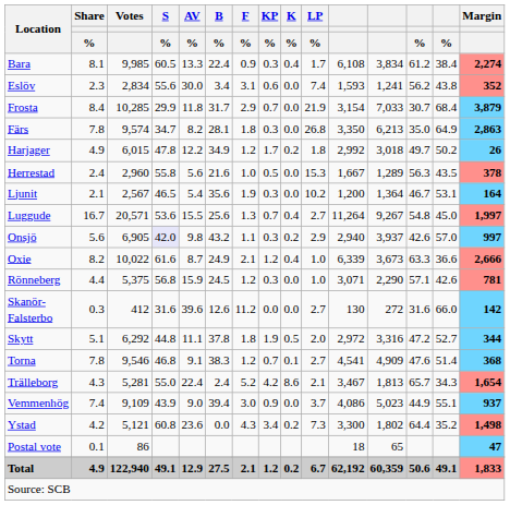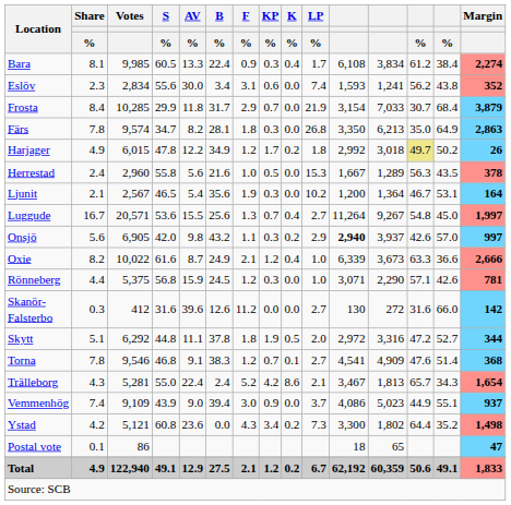 <table class="wikitable sortable" style="text-align:right; font-size:95%; line-height:20px;">
 <tr>
 <th rowspan="3">Location</th>
 <th>Share</th>
 <th>Votes</th>
 <th width="30px" class="unsortable"><a href='#'>S</a></th>
 <th width="30px" class="unsortable"><a href='#'>AV</a></th>
 <th width="30px" class="unsortable"><a href='#'>B</a></th>
 <th width="30px" class="unsortable"><a href='#'>F</a></th>
 <th width="30px" class="unsortable"><a href='#'>KP</a></th>
 <th width="30px" class="unsortable"><a href='#'>K</a></th>
 <th width="30px" class="unsortable"><a href='#'>LP</a></th>
 <th></th>
 <th></th>
 <th></th>
 <th></th>
 <th>Margin</th>
 </tr>
 <tr>
 <th></th>
 <th></th>
 <th style="background:"></th>
 <th style="background:"></th>
 <th style="background:"></th>
 <th style="background:"></th>
 <th style="background:"></th>
 <th style="background:"></th>
 <th style="background:"></th>
 <th style="background:"></th>
 <th style="background:"></th>
 <th style="background:"></th>
 <th style="background:"></th>
 <th></th>
 </tr>
 <tr>
 <th data-sort-type="number">%</th>
 <th></th>
 <th data-sort-type="number">%</th>
 <th data-sort-type="number">%</th>
 <th data-sort-type="number">%</th>
 <th data-sort-type="number">%</th>
 <th data-sort-type="number">%</th>
 <th data-sort-type="number">%</th>
 <th data-sort-type="number">%</th>
 <th></th>
 <th></th>
 <th data-sort-type="number">%</th>
 <th data-sort-type="number">%</th>
 <th></th>
 </tr>
 <tr>
 <td align=left><a href='#'>Bara</a></td>
 <td>8.1</td>
 <td>9,985</td>
 <td>60.5</td>
 <td>13.3</td>
 <td>22.4</td>
 <td>0.9</td>
 <td>0.3</td>
 <td>0.4</td>
 <td>1.7</td>
 <td>6,108</td>
 <td>3,834</td>
 <td>61.2</td>
 <td>38.4</td>
 <td bgcolor=#ff908c><strong>2,274</strong></td>
 </tr>
 <tr>
 <td align=left><a href='#'>Eslöv</a></td>
 <td>2.3</td>
 <td>2,834</td>
 <td>55.6</td>
 <td>30.0</td>
 <td>3.4</td>
 <td>3.1</td>
 <td>0.6</td>
 <td>0.0</td>
 <td>7.4</td>
 <td>1,593</td>
 <td>1,241</td>
 <td>56.2</td>
 <td>43.8</td>
 <td bgcolor=#ff908c><strong>352</strong></td>
 </tr>
 <tr>
 <td align=left><a href='#'>Frosta</a></td>
 <td>8.4</td>
 <td>10,285</td>
 <td>29.9</td>
 <td>11.8</td>
 <td>31.7</td>
 <td>2.9</td>
 <td>0.7</td>
 <td>0.0</td>
 <td>21.9</td>
 <td>3,154</td>
 <td>7,033</td>
 <td>30.7</td>
 <td>68.4</td>
 <td bgcolor=#6fd5fe><strong>3,879</strong></td>
 </tr>
 <tr>
 <td align=left><a href='#'>Färs</a></td>
 <td>7.8</td>
 <td>9,574</td>
 <td>34.7</td>
 <td>8.2</td>
 <td>28.1</td>
 <td>1.8</td>
 <td>0.3</td>
 <td>0.0</td>
 <td>26.8</td>
 <td>3,350</td>
 <td>6,213</td>
 <td>35.0</td>
 <td>64.9</td>
 <td bgcolor=#6fd5fe><strong>2,863</strong></td>
 </tr>
 <tr>
 <td align=left><a href='#'>Harjager</a></td>
 <td>4.9</td>
 <td>6,015</td>
 <td>47.8</td>
 <td>12.2</td>
 <td>34.9</td>
 <td>1.2</td>
 <td>1.7</td>
 <td>0.2</td>
 <td>1.8</td>
 <td>2,992</td>
 <td>3,018</td>
-<td>49.7</td>
+<td style="background: khaki;">49.7</td>
 <td>50.2</td>
 <td bgcolor=#6fd5fe><strong>26</strong></td>
 </tr>
 <tr>
 <td align=left><a href='#'>Herrestad</a></td>
 <td>2.4</td>
 <td>2,960</td>
 <td>55.8</td>
 <td>5.6</td>
 <td>21.6</td>
 <td>1.0</td>
 <td>0.5</td>
 <td>0.0</td>
 <td>15.3</td>
 <td>1,667</td>
 <td>1,289</td>
 <td>56.3</td>
 <td>43.5</td>
 <td bgcolor=#ff908c><strong>378</strong></td>
 </tr>
 <tr>
 <td align=left><a href='#'>Ljunit</a></td>
 <td>2.1</td>
 <td>2,567</td>
 <td>46.5</td>
 <td>5.4</td>
 <td>35.6</td>
 <td>1.9</td>
 <td>0.3</td>
 <td>0.0</td>
 <td>10.2</td>
 <td>1,200</td>
 <td>1,364</td>
 <td>46.7</td>
 <td>53.1</td>
 <td bgcolor=#6fd5fe><strong>164</strong></td>
 </tr>
 <tr>
 <td align=left><a href='#'>Luggude</a></td>
 <td>16.7</td>
 <td>20,571</td>
 <td>53.6</td>
 <td>15.5</td>
 <td>25.6</td>
 <td>1.3</td>
 <td>0.7</td>
 <td>0.4</td>
 <td>2.7</td>
 <td>11,264</td>
 <td>9,267</td>
 <td>54.8</td>
 <td>45.0</td>
 <td bgcolor=#ff908c><strong>1,997</strong></td>
 </tr>
 <tr>
 <td align=left><a href='#'>Onsjö</a></td>
 <td>5.6</td>
 <td>6,905</td>
-<td style="background: lavender;">42.0</td>
+<td>42.0</td>
 <td>9.8</td>
 <td>43.2</td>
 <td>1.1</td>
 <td>0.3</td>
 <td>0.2</td>
 <td>2.9</td>
-<td>2,940</td>
+<td><strong>2,940</strong></td>
 <td>3,937</td>
 <td>42.6</td>
 <td>57.0</td>
 <td bgcolor=#6fd5fe><strong>997</strong></td>
 </tr>
 <tr>
 <td align=left><a href='#'>Oxie</a></td>
 <td>8.2</td>
 <td>10,022</td>
 <td>61.6</td>
 <td>8.7</td>
 <td>24.9</td>
 <td>2.1</td>
 <td>1.2</td>
 <td>0.4</td>
 <td>1.0</td>
 <td>6,339</td>
 <td>3,673</td>
 <td>63.3</td>
 <td>36.6</td>
 <td bgcolor=#ff908c><strong>2,666</strong></td>
 </tr>
 <tr>
 <td align=left><a href='#'>Rönneberg</a></td>
 <td>4.4</td>
 <td>5,375</td>
 <td>56.8</td>
 <td>15.9</td>
 <td>24.5</td>
 <td>1.2</td>
 <td>0.3</td>
 <td>0.0</td>
 <td>1.0</td>
 <td>3,071</td>
 <td>2,290</td>
 <td>57.1</td>
 <td>42.6</td>
 <td bgcolor=#ff908c><strong>781</strong></td>
 </tr>
 <tr>
 <td align=left><a href='#'>Skanör-Falsterbo</a></td>
 <td>0.3</td>
 <td>412</td>
 <td>31.6</td>
 <td>39.6</td>
 <td>12.6</td>
 <td>11.2</td>
 <td>0.0</td>
 <td>0.0</td>
 <td>2.7</td>
 <td>130</td>
 <td>272</td>
 <td>31.6</td>
 <td>66.0</td>
 <td bgcolor=#6fd5fe><strong>142</strong></td>
 </tr>
 <tr>
 <td align=left><a href='#'>Skytt</a></td>
 <td>5.1</td>
 <td>6,292</td>
 <td>44.8</td>
 <td>11.1</td>
 <td>37.8</td>
 <td>1.8</td>
 <td>1.9</td>
 <td>0.5</td>
 <td>2.0</td>
 <td>2,972</td>
 <td>3,316</td>
 <td>47.2</td>
 <td>52.7</td>
 <td bgcolor=#6fd5fe><strong>344</strong></td>
 </tr>
 <tr>
 <td align=left><a href='#'>Torna</a></td>
 <td>7.8</td>
 <td>9,546</td>
 <td>46.8</td>
 <td>9.1</td>
 <td>38.3</td>
 <td>1.2</td>
 <td>0.7</td>
 <td>0.1</td>
 <td>2.7</td>
 <td>4,541</td>
 <td>4,909</td>
 <td>47.6</td>
 <td>51.4</td>
 <td bgcolor=#6fd5fe><strong>368</strong></td>
 </tr>
 <tr>
 <td align=left><a href='#'>Trälleborg</a></td>
 <td>4.3</td>
 <td>5,281</td>
 <td>55.0</td>
 <td>22.4</td>
 <td>2.4</td>
 <td>5.2</td>
 <td>4.2</td>
 <td>8.6</td>
 <td>2.1</td>
 <td>3,467</td>
 <td>1,813</td>
 <td>65.7</td>
 <td>34.3</td>
 <td bgcolor=#ff908c><strong>1,654</strong></td>
 </tr>
 <tr>
 <td align=left><a href='#'>Vemmenhög</a></td>
 <td>7.4</td>
 <td>9,109</td>
 <td>43.9</td>
 <td>9.0</td>
 <td>39.4</td>
 <td>3.0</td>
 <td>0.9</td>
 <td>0.0</td>
 <td>3.7</td>
 <td>4,086</td>
 <td>5,023</td>
 <td>44.9</td>
 <td>55.1</td>
 <td bgcolor=#6fd5fe><strong>937</strong></td>
 </tr>
 <tr>
 <td align=left><a href='#'>Ystad</a></td>
 <td>4.2</td>
 <td>5,121</td>
 <td>60.8</td>
 <td>23.6</td>
 <td>0.0</td>
 <td>4.3</td>
 <td>3.4</td>
 <td>0.2</td>
 <td>7.3</td>
 <td>3,300</td>
 <td>1,802</td>
 <td>64.4</td>
 <td>35.2</td>
 <td bgcolor=#ff908c><strong>1,498</strong></td>
 </tr>
 <tr>
 <td align=left><a href='#'>Postal vote</a></td>
 <td>0.1</td>
 <td>86</td>
 <td></td>
 <td></td>
 <td></td>
 <td></td>
 <td></td>
 <td></td>
 <td></td>
 <td>18</td>
 <td>65</td>
 <td></td>
 <td></td>
 <td bgcolor=#6fd5fe><strong>47</strong></td>
 </tr>
 <tr>
 </tr>
 <tr style="background:#CDCDCD;">
 <td align=left><strong>Total</strong></td>
 <td><strong>4.9</strong></td>
 <td><strong>122,940</strong></td>
 <td><strong>49.1</strong></td>
 <td><strong>12.9</strong></td>
 <td><strong>27.5</strong></td>
 <td><strong>2.1</strong></td>
 <td><strong>1.2</strong></td>
 <td><strong>0.2</strong></td>
 <td><strong>6.7</strong></td>
 <td><strong>62,192</strong></td>
 <td><strong>60,359</strong></td>
 <td><strong>50.6</strong></td>
 <td><strong>49.1</strong></td>
 <td bgcolor=#ff908c><strong>1,833</strong></td>
 </tr>
 <tr>
 <td align=left colspan=15>Source: SCB </td>
 </tr>
 </table>
